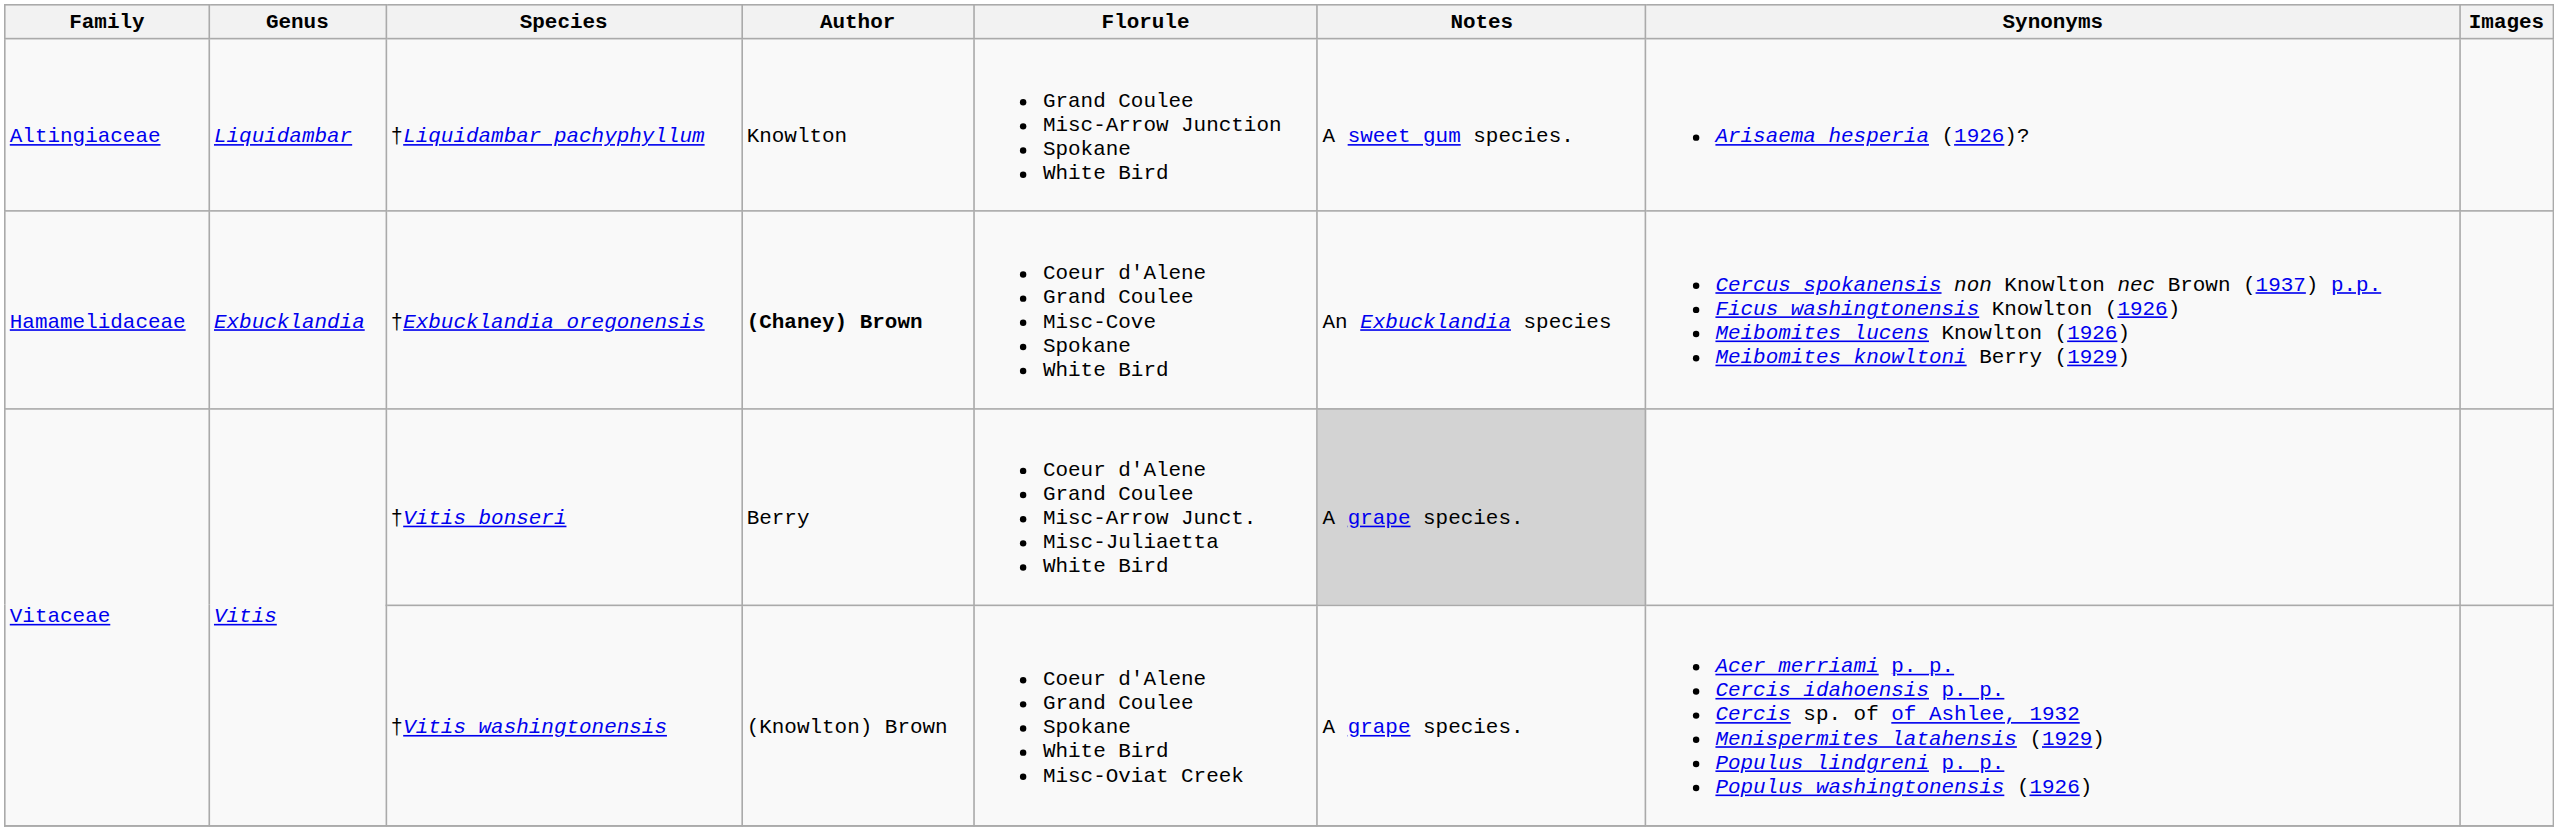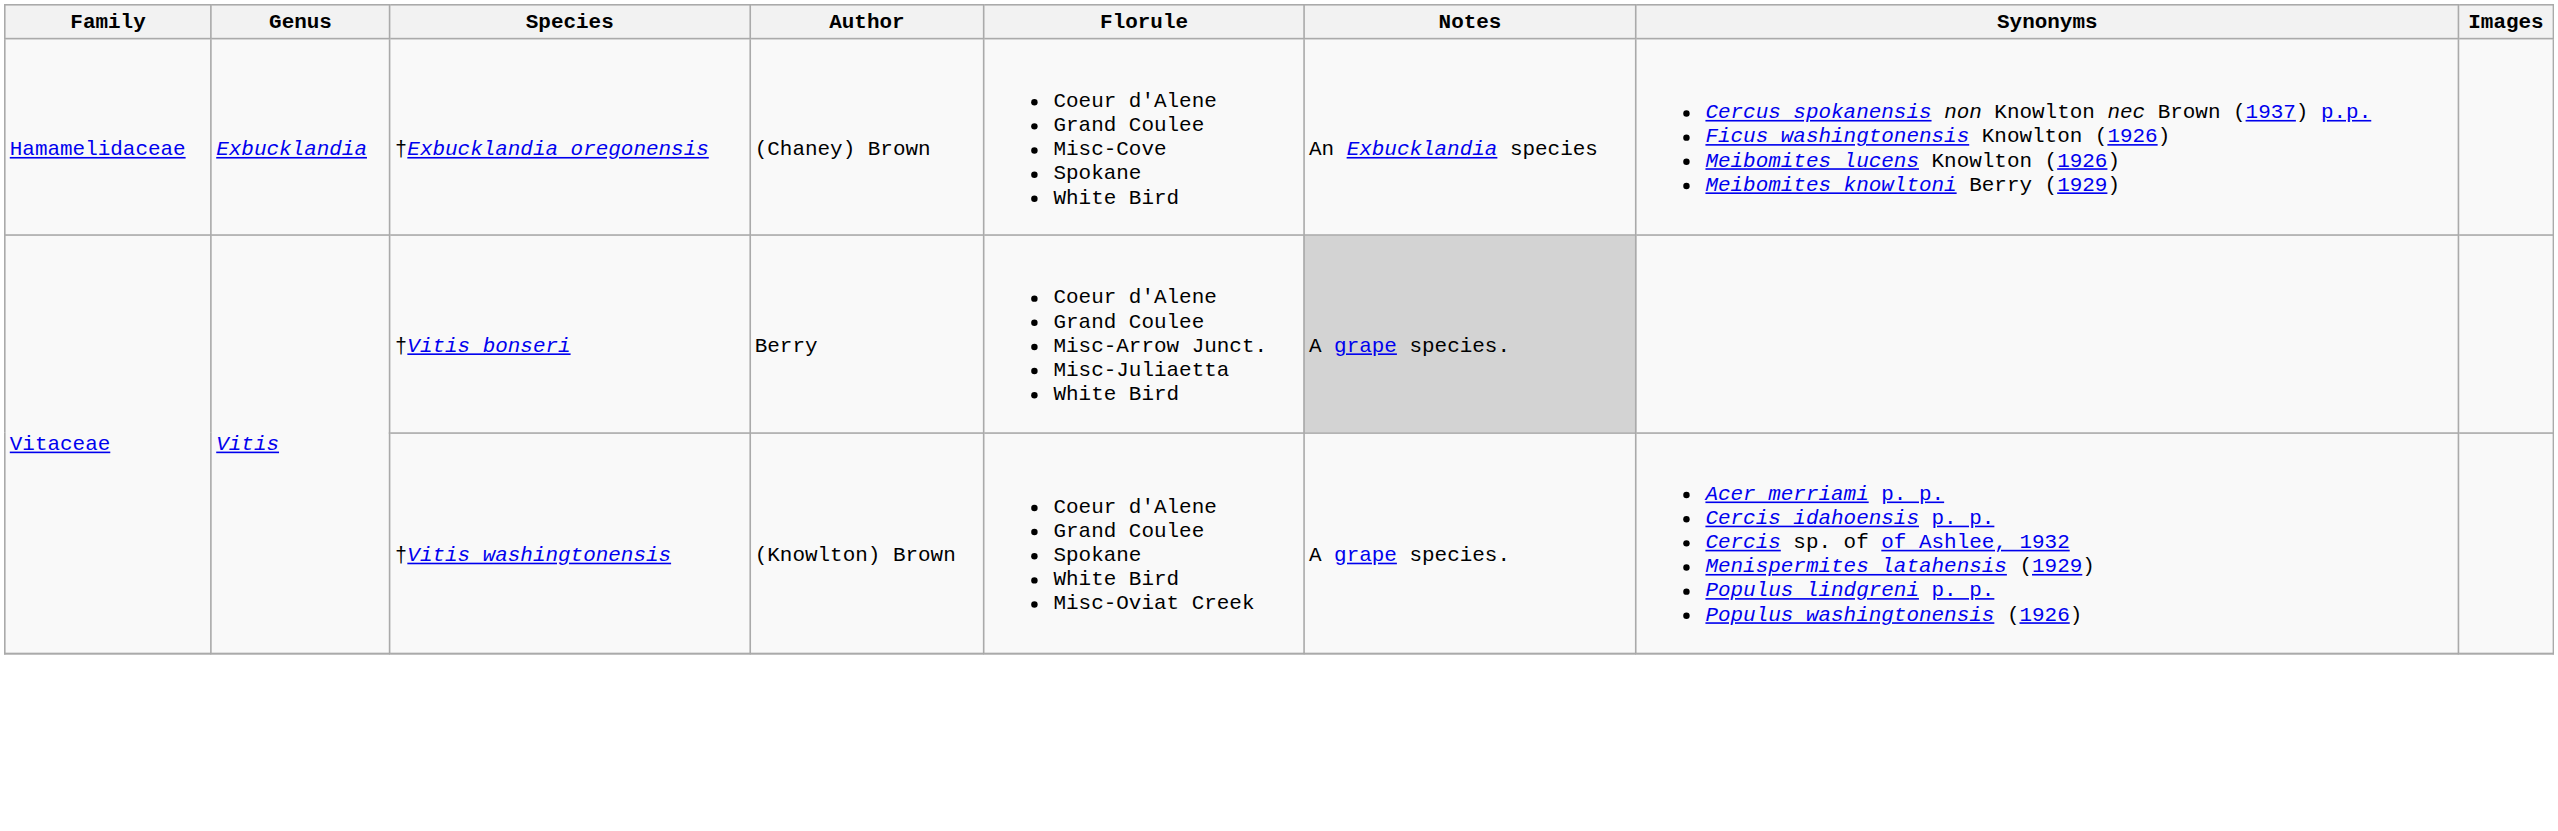 <table class="wikitable sortable mw-collapsible" style="margin:auto; width:100%">
 <tr>
 <th>Family</th>
 <th>Genus</th>
 <th>Species</th>
 <th>Author</th>
 <th>Florule</th>
 <th>Notes</th>
 <th>Synonyms</th>
 <th>Images</th>
 </tr>
 <tr>
-<td><br><a href='#'>Altingiaceae</a></td>
-<td><br><em><a href='#'>Liquidambar</a></em></td>
-<td><br>†<em><a href='#'>Liquidambar pachyphyllum</a></em></td>
-<td><br>Knowlton</td>
-<td><br><ul><li>Grand Coulee</li><li>Misc-Arrow Junction</li><li>Spokane</li><li>White Bird</li></ul></td>
-<td><br>A <a href='#'>sweet gum</a> species.</td>
-<td><br><ul><li><em><a href='#'>Arisaema hesperia</a></em> (<a href='#'>1926</a>)?</li></ul></td>
-<td><br></td>
-</tr>
-<tr>
 <td><br><a href='#'>Hamamelidaceae</a></td>
 <td><br><em><a href='#'>Exbucklandia</a></em></td>
 <td><br>†<em><a href='#'>Exbucklandia oregonensis</a></em></td>
-<td><strong><br>(Chaney) Brown</strong></td>
+<td><br>(Chaney) Brown</td>
 <td><br><ul><li>Coeur d'Alene</li><li>Grand Coulee</li><li>Misc-Cove</li><li>Spokane</li><li>White Bird</li></ul></td>
 <td><br>An <em><a href='#'>Exbucklandia</a></em> species</td>
 <td><br><ul><li><em><a href='#'>Cercus spokanensis</a></em> <em>non</em> Knowlton <em>nec</em> Brown (<a href='#'>1937</a>) <a href='#'>p.p.</a></li><li><em><a href='#'>Ficus washingtonensis</a></em> Knowlton (<a href='#'>1926</a>)</li><li><em><a href='#'>Meibomites lucens</a></em> Knowlton (<a href='#'>1926</a>)</li><li><em><a href='#'>Meibomites knowltoni</a></em> Berry (<a href='#'>1929</a>)</li></ul></td>
 <td><br></td>
 </tr>
 <tr>
 <td rowspan=2><a href='#'>Vitaceae</a></td>
 <td rowspan=2><em><a href='#'>Vitis</a></em></td>
 <td><br>†<em><a href='#'>Vitis bonseri</a></em></td>
 <td><br>Berry</td>
 <td><br><ul><li>Coeur d'Alene</li><li>Grand Coulee</li><li>Misc-Arrow Junct.</li><li>Misc-Juliaetta</li><li>White Bird</li></ul></td>
 <td style="background: lightgrey;"><br>A <a href='#'>grape</a> species.</td>
 <td></td>
 <td></td>
 </tr>
 <tr>
 <td><br>†<em><a href='#'>Vitis washingtonensis</a></em></td>
 <td><br>(Knowlton) Brown</td>
 <td><br><ul><li>Coeur d'Alene</li><li>Grand Coulee</li><li>Spokane</li><li>White Bird</li><li>Misc-Oviat Creek</li></ul></td>
 <td><br>A <a href='#'>grape</a> species.</td>
 <td><br><ul><li><em><a href='#'>Acer merriami</a></em> <a href='#'>p. p.</a></li><li><em><a href='#'>Cercis idahoensis</a></em> <a href='#'>p. p.</a></li><li><em><a href='#'>Cercis</a></em> sp. of <a href='#'>of Ashlee, 1932</a></li><li><em><a href='#'>Menispermites latahensis</a></em> (<a href='#'>1929</a>)</li><li><em><a href='#'>Populus lindgreni</a></em> <a href='#'>p. p.</a></li><li><em><a href='#'>Populus washingtonensis</a></em> (<a href='#'>1926</a>)</li></ul></td>
 <td><br></td>
 </tr>
 <tr>
 </tr>
 </table>
